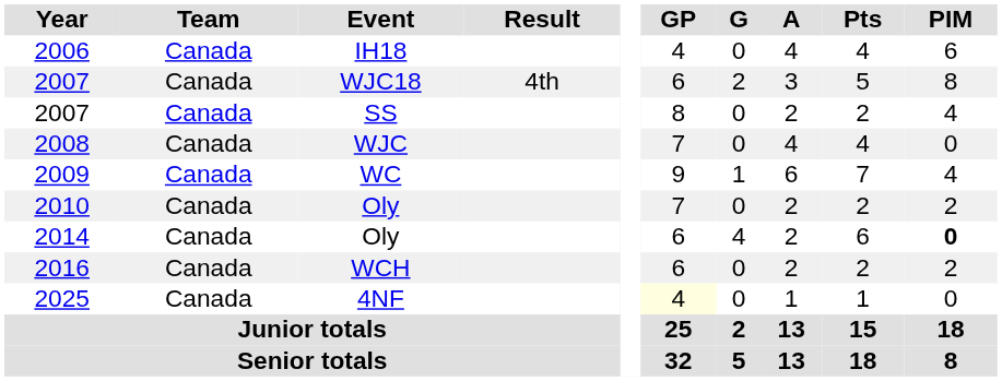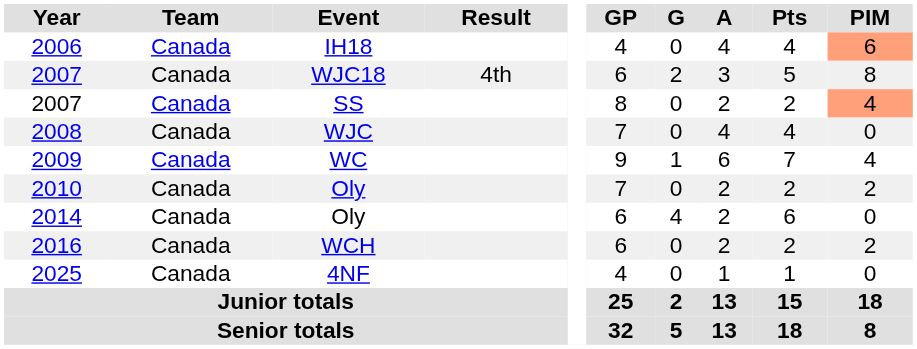 <table border="0" cellpadding="1" cellspacing="0" style="text-align:center; width:40em">
 <tr ALIGN="center" bgcolor="#e0e0e0">
 <th>Year</th>
 <th>Team</th>
 <th>Event</th>
 <th>Result</th>
 <th rowspan="99" bgcolor="#ffffff"> </th>
 <th>GP</th>
 <th>G</th>
 <th>A</th>
 <th>Pts</th>
 <th>PIM</th>
 </tr>
 <tr>
 <td><a href='#'>2006</a></td>
 <td><a href='#'>Canada</a></td>
 <td><a href='#'>IH18</a></td>
 <td></td>
 <td>4</td>
 <td>0</td>
 <td>4</td>
 <td>4</td>
-<td>6</td>
+<td style="background: lightsalmon;">6</td>
 </tr>
 <tr bgcolor="#f0f0f0">
 <td><a href='#'>2007</a></td>
 <td>Canada</td>
 <td><a href='#'>WJC18</a></td>
 <td>4th</td>
 <td>6</td>
 <td>2</td>
 <td>3</td>
 <td>5</td>
 <td>8</td>
 </tr>
 <tr>
 <td>2007</td>
 <td><a href='#'>Canada</a></td>
 <td><a href='#'>SS</a></td>
 <td></td>
 <td>8</td>
 <td>0</td>
 <td>2</td>
 <td>2</td>
-<td>4</td>
+<td style="background: lightsalmon;">4</td>
 </tr>
 <tr bgcolor="#f0f0f0">
 <td><a href='#'>2008</a></td>
 <td>Canada</td>
 <td><a href='#'>WJC</a></td>
 <td></td>
 <td>7</td>
 <td>0</td>
 <td>4</td>
 <td>4</td>
 <td>0</td>
 </tr>
 <tr>
 <td><a href='#'>2009</a></td>
 <td><a href='#'>Canada</a></td>
 <td><a href='#'>WC</a></td>
 <td></td>
 <td>9</td>
 <td>1</td>
 <td>6</td>
 <td>7</td>
 <td>4</td>
 </tr>
 <tr bgcolor="#f0f0f0">
 <td><a href='#'>2010</a></td>
 <td>Canada</td>
 <td><a href='#'>Oly</a></td>
 <td></td>
 <td>7</td>
 <td>0</td>
 <td>2</td>
 <td>2</td>
 <td>2</td>
 </tr>
 <tr>
 <td><a href='#'>2014</a></td>
 <td>Canada</td>
 <td>Oly</td>
 <td></td>
 <td>6</td>
 <td>4</td>
 <td>2</td>
 <td>6</td>
-<td><strong>0</strong></td>
+<td>0</td>
 </tr>
 <tr bgcolor="#f0f0f0">
 <td><a href='#'>2016</a></td>
 <td>Canada</td>
 <td><a href='#'>WCH</a></td>
 <td></td>
 <td>6</td>
 <td>0</td>
 <td>2</td>
 <td>2</td>
 <td>2</td>
 </tr>
 <tr>
 <td><a href='#'>2025</a></td>
 <td>Canada</td>
 <td><a href='#'>4NF</a></td>
 <td></td>
-<td style="background: lightyellow;">4</td>
+<td>4</td>
 <td>0</td>
 <td>1</td>
 <td>1</td>
 <td>0</td>
 </tr>
 <tr bgcolor="#e0e0e0">
 <th colspan="4">Junior totals</th>
 <th>25</th>
 <th>2</th>
 <th>13</th>
 <th>15</th>
 <th>18</th>
 </tr>
 <tr bgcolor="#e0e0e0">
 <th colspan="4">Senior totals</th>
 <th>32</th>
 <th>5</th>
 <th>13</th>
 <th>18</th>
 <th>8</th>
 </tr>
 </table>
